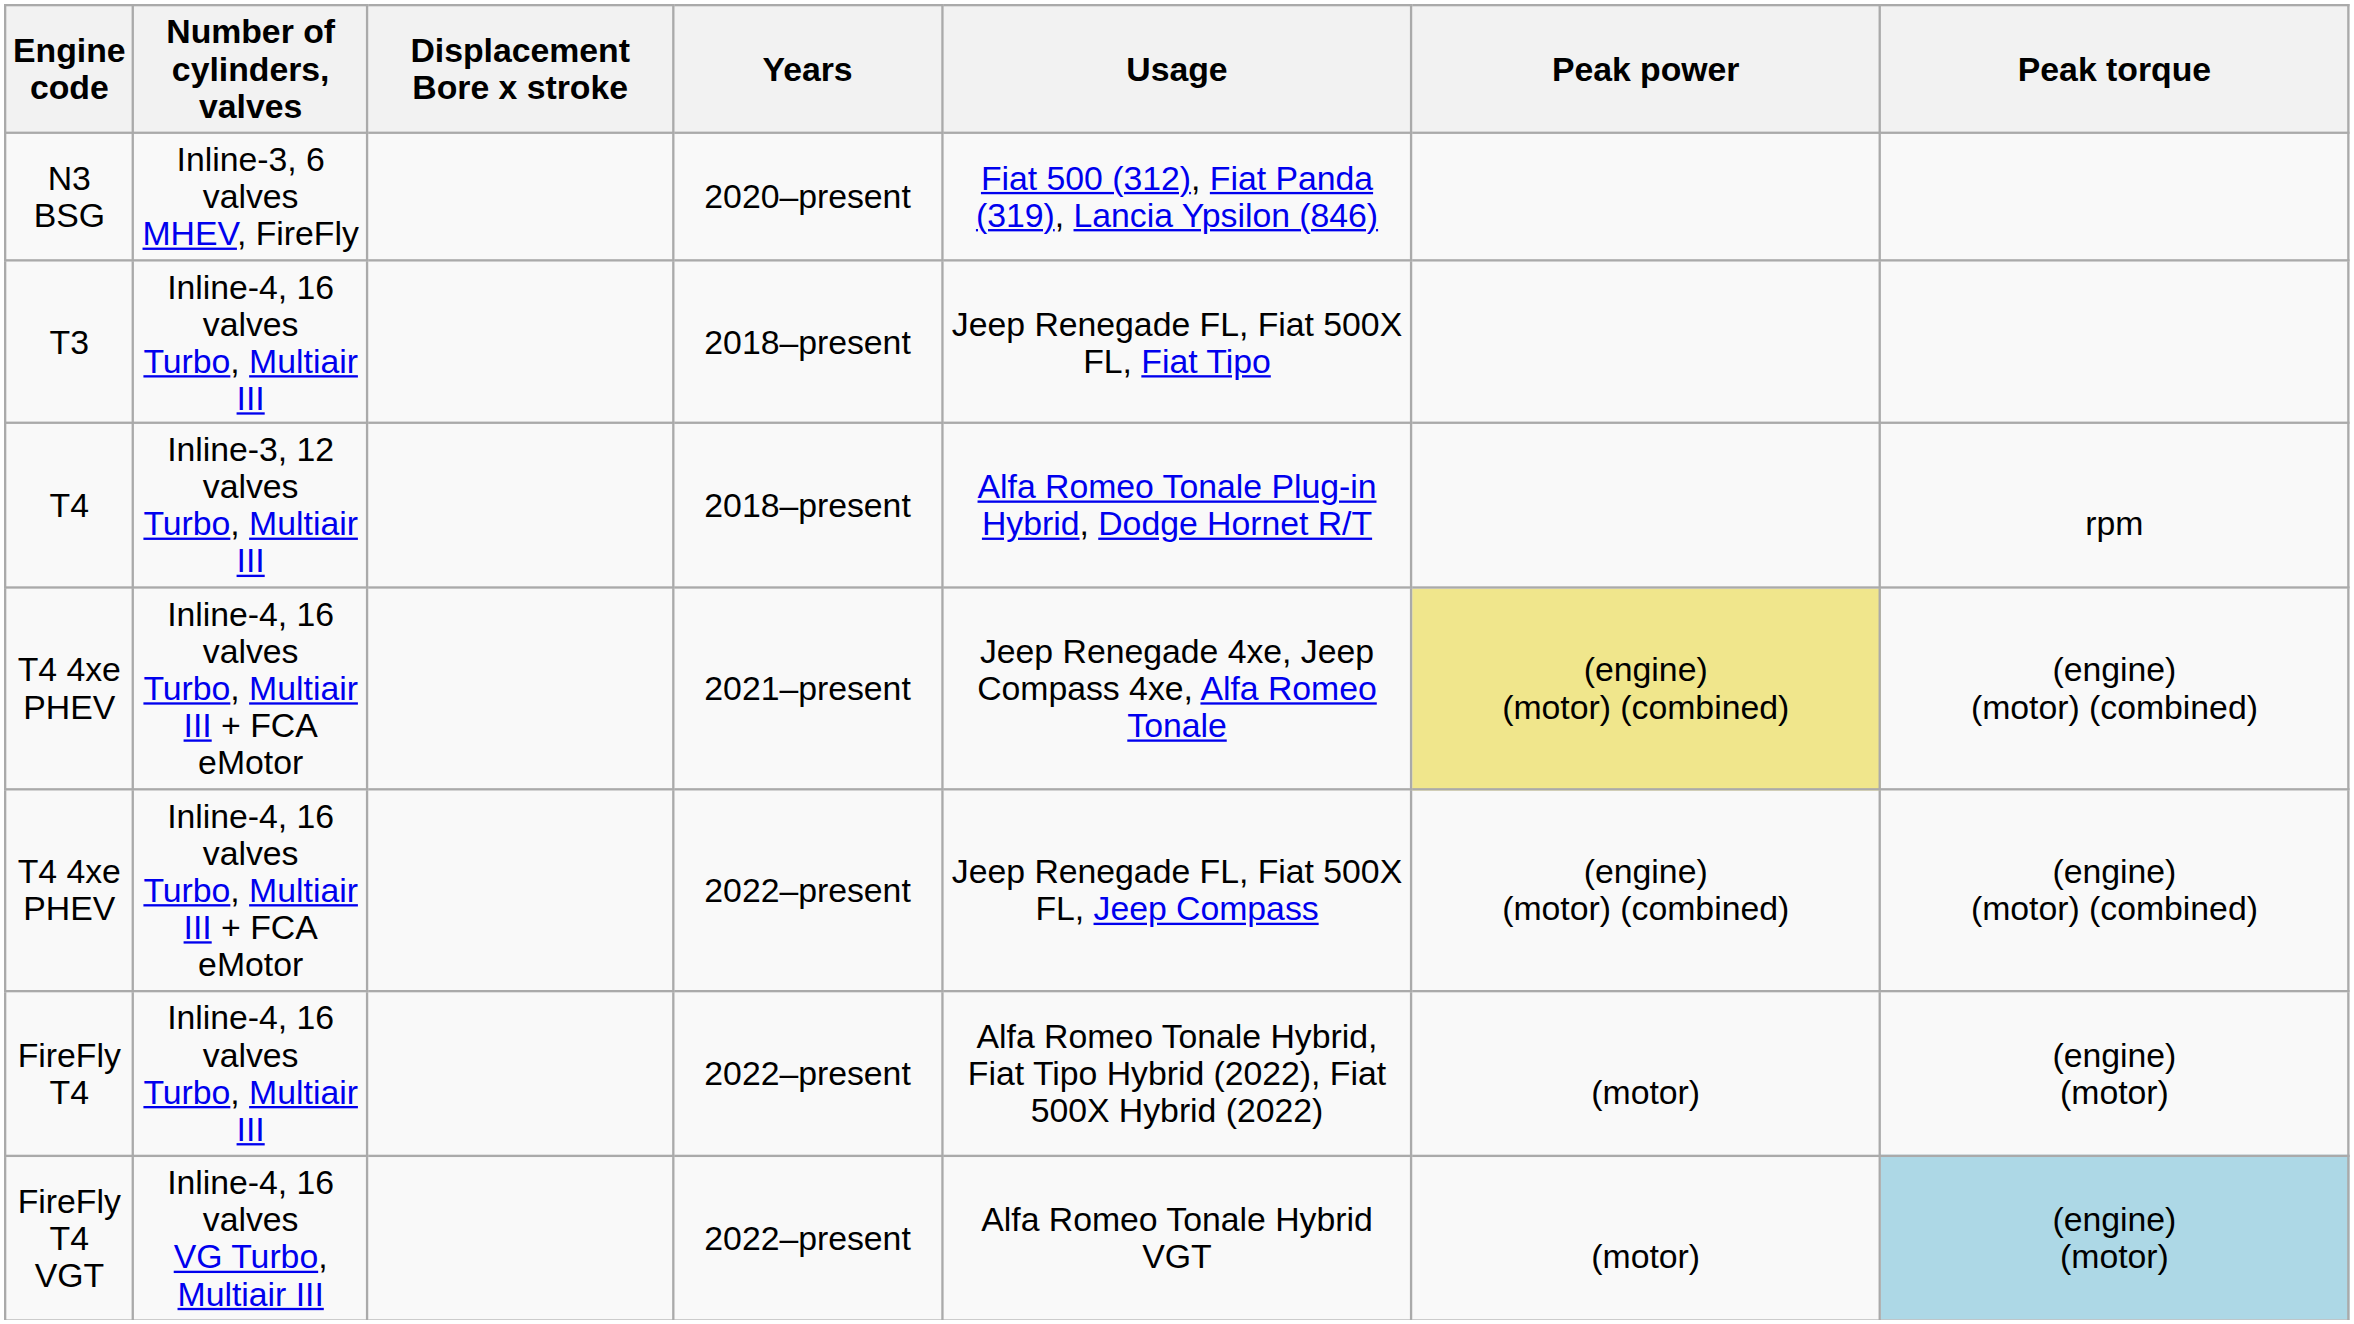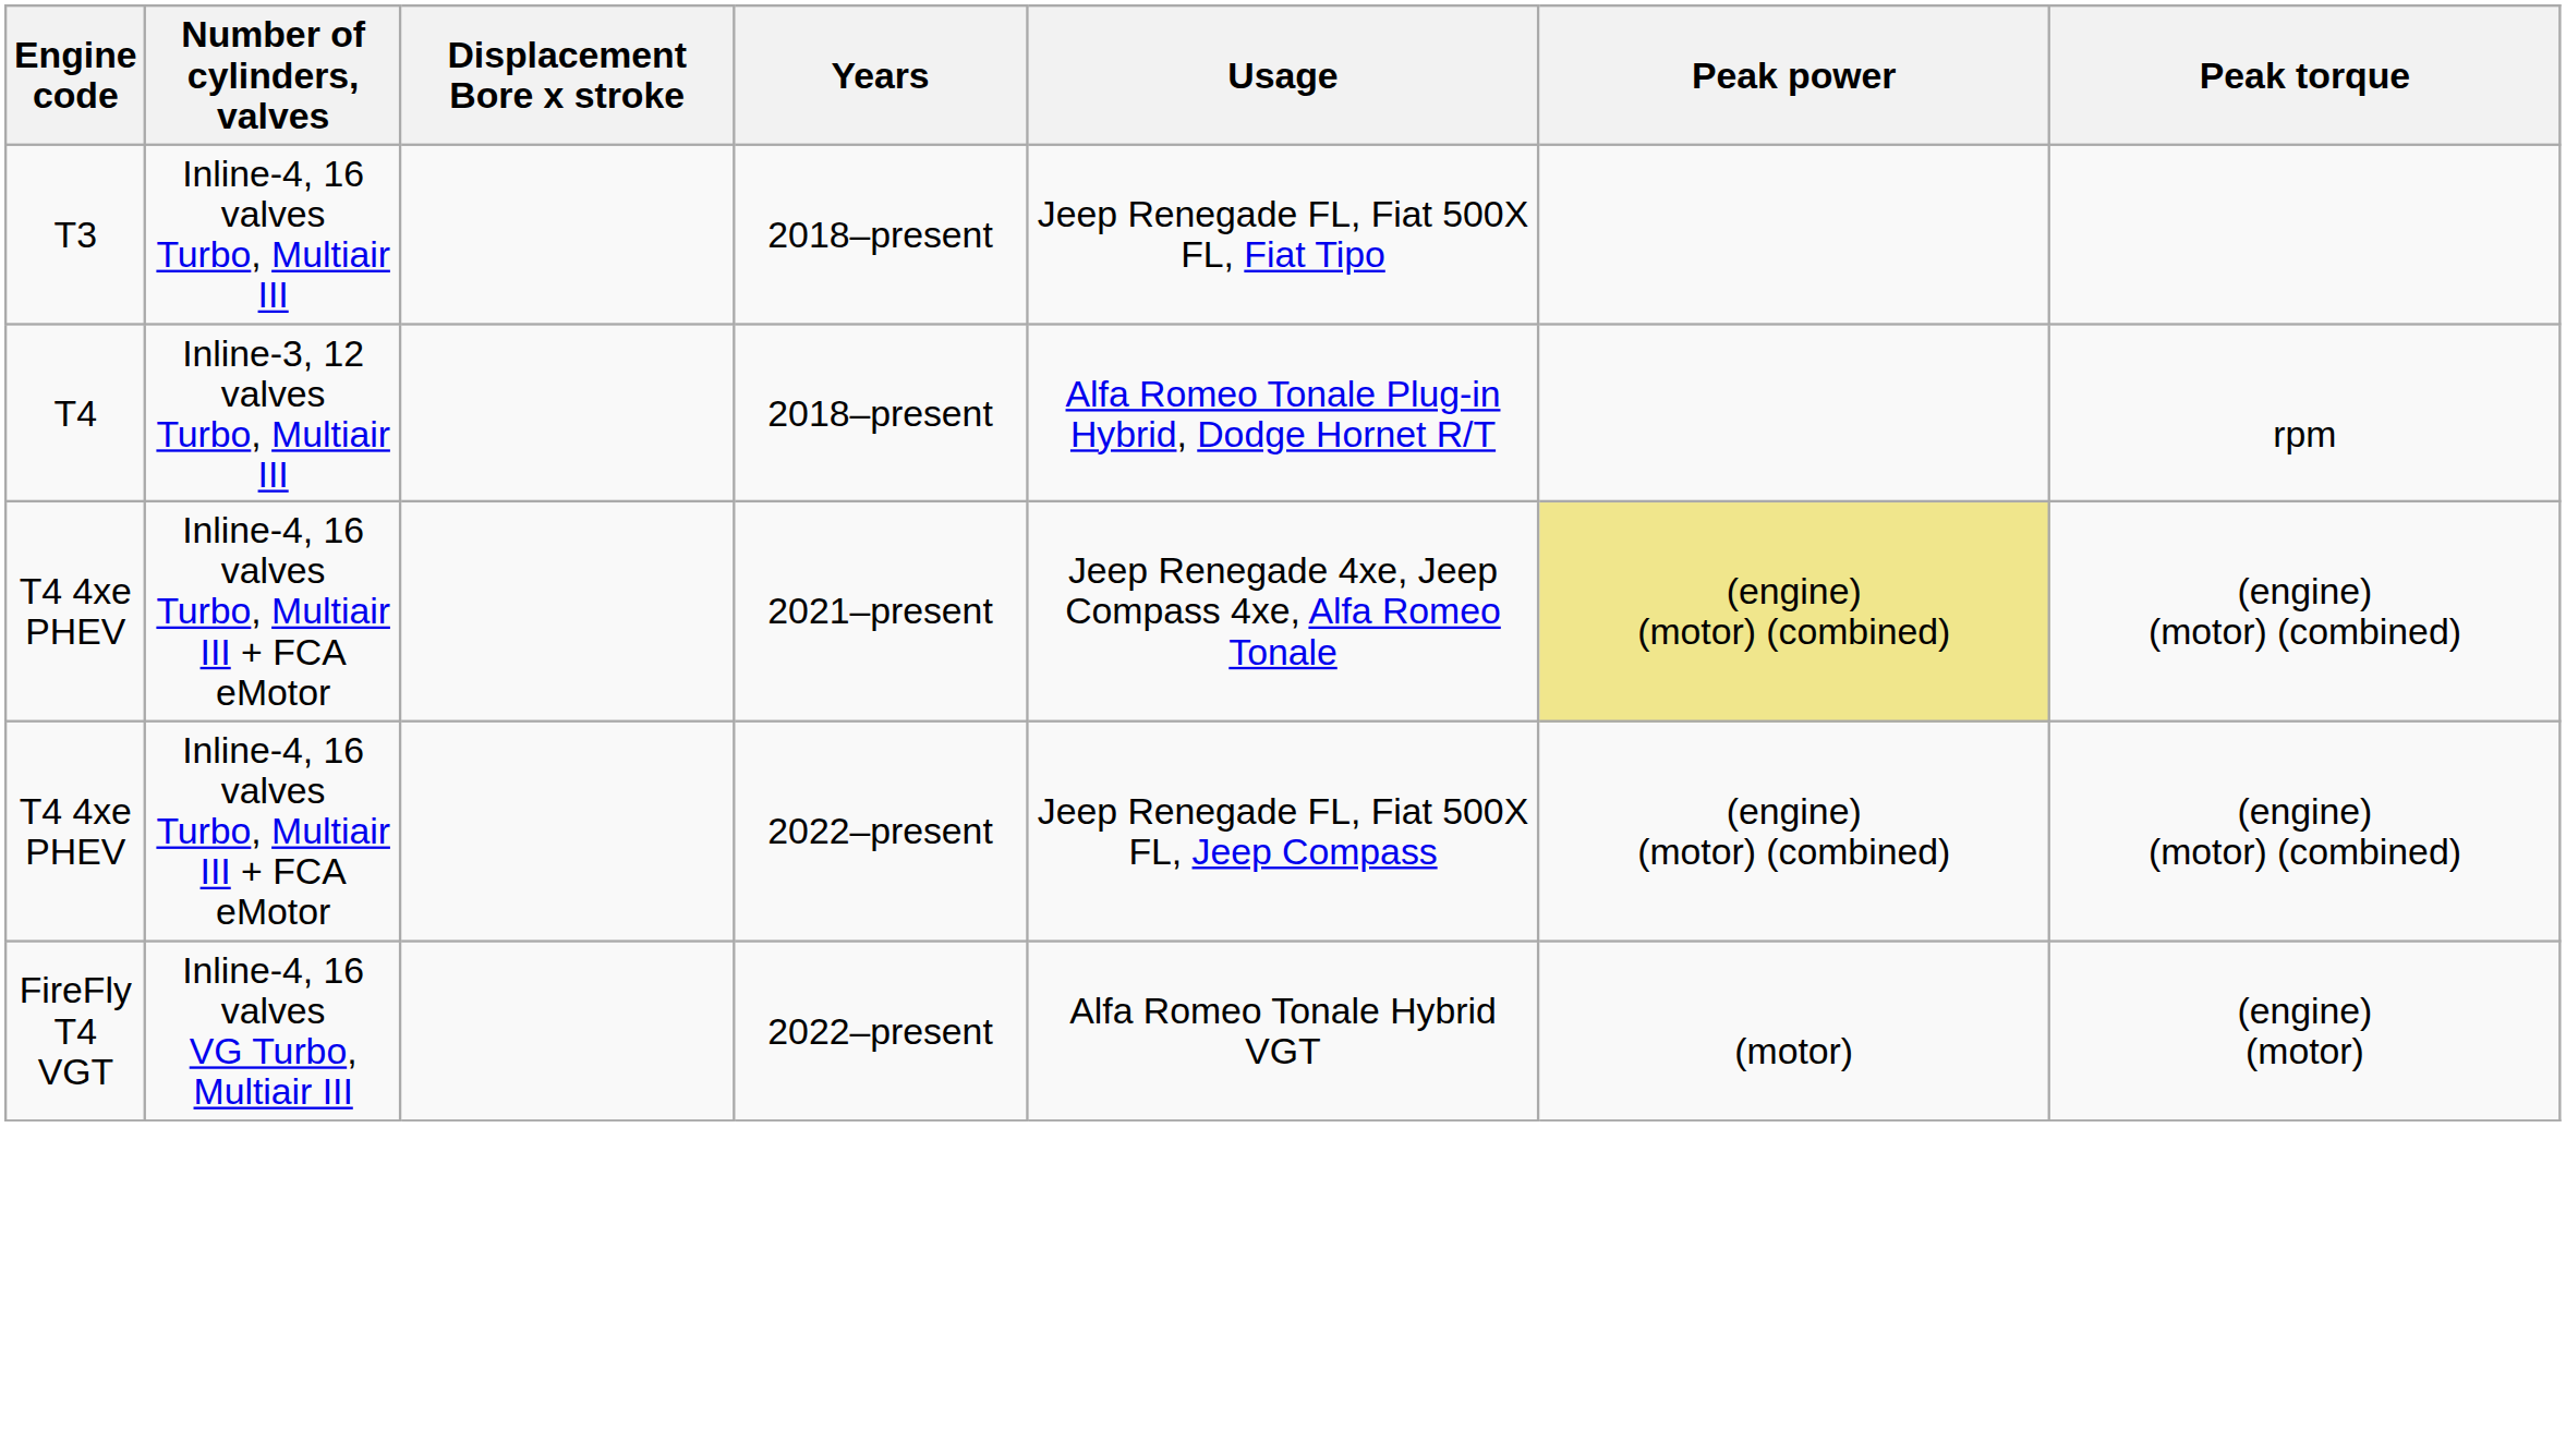 <table class="wikitable" style="text-align:center; font-size:91%;" width=80%>
 <tr>
 <th width=5%>Engine code</th>
 <th width=10%>Number of cylinders, valves</th>
 <th width=13%>Displacement<br>Bore x stroke</th>
 <th>Years</th>
 <th width=20%>Usage</th>
 <th width=20%>Peak power</th>
 <th width=20%>Peak torque</th>
-</tr>
-<tr>
-<td>N3 BSG</td>
-<td>Inline-3, 6 valves<br><a href='#'>MHEV</a>, FireFly</td>
-<td><br></td>
-<td>2020–present</td>
-<td><a href='#'>Fiat 500 (312)</a>, <a href='#'>Fiat Panda (319)</a>, <a href='#'>Lancia Ypsilon (846)</a></td>
-<td> </td>
-<td> </td>
 </tr>
 <tr>
 <td>T3</td>
 <td>Inline-4, 16 valves<br><a href='#'>Turbo</a>, <a href='#'>Multiair III</a></td>
 <td><br></td>
 <td>2018–present</td>
 <td>Jeep Renegade FL, Fiat 500X FL, <a href='#'>Fiat Tipo</a></td>
 <td> </td>
 <td> </td>
 </tr>
 <tr>
 <td>T4</td>
 <td>Inline-3, 12 valves<br><a href='#'>Turbo</a>, <a href='#'>Multiair III</a></td>
 <td><br></td>
 <td>2018–present</td>
 <td><a href='#'>Alfa Romeo Tonale Plug-in Hybrid</a>, <a href='#'>Dodge Hornet R/T</a></td>
 <td> <br> </td>
 <td> <br>  rpm</td>
 </tr>
 <tr>
 <td>T4 4xe PHEV</td>
 <td>Inline-4, 16 valves<br><a href='#'>Turbo</a>, <a href='#'>Multiair III</a> + FCA eMotor</td>
 <td><br></td>
 <td>2021–present</td>
 <td>Jeep Renegade 4xe, Jeep Compass 4xe, <a href='#'>Alfa Romeo Tonale</a></td>
 <td style="background: khaki;">  (engine)<br> (motor)    (combined)</td>
 <td>  (engine)<br> (motor)   (combined)</td>
 </tr>
 <tr>
 <td>T4 4xe PHEV</td>
 <td>Inline-4, 16 valves<br><a href='#'>Turbo</a>, <a href='#'>Multiair III</a> + FCA eMotor</td>
 <td><br></td>
 <td>2022–present</td>
 <td>Jeep Renegade FL, Fiat 500X FL, <a href='#'>Jeep Compass</a></td>
 <td>  (engine)<br> (motor)    (combined)</td>
 <td>  (engine)<br> (motor)   (combined)</td>
 </tr>
 <tr>
-<td>FireFly T4</td>
-<td>Inline-4, 16 valves<br><a href='#'>Turbo</a>, <a href='#'>Multiair III</a></td>
-<td><br></td>
-<td>2022–present</td>
-<td>Alfa Romeo Tonale Hybrid, Fiat Tipo Hybrid (2022), Fiat 500X Hybrid (2022)</td>
-<td> <br> (motor)</td>
-<td>  (engine)<br> (motor)</td>
-</tr>
-<tr>
 <td>FireFly T4 VGT</td>
 <td>Inline-4, 16 valves<br><a href='#'>VG Turbo</a>, <a href='#'>Multiair III</a></td>
 <td><br></td>
 <td>2022–present</td>
 <td>Alfa Romeo Tonale Hybrid VGT</td>
 <td> <br> (motor)</td>
-<td style="background: lightblue;">  (engine)<br> (motor)</td>
+<td>  (engine)<br> (motor)</td>
 </tr>
 </table>
